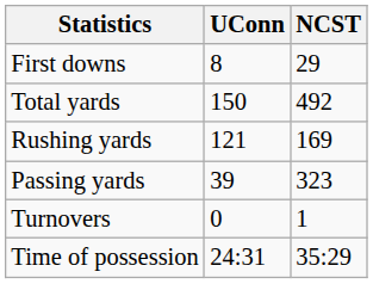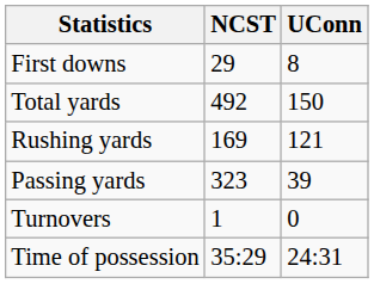 <table class="wikitable">
 <tr>
 <th>Statistics</th>
+<th>NCST</th>
 <th>UConn</th>
-<th>NCST</th>
 </tr>
 <tr>
 <td>First downs</td>
+<td>29</td>
 <td>8</td>
-<td>29</td>
 </tr>
 <tr>
 <td>Total yards</td>
+<td>492</td>
 <td>150</td>
-<td>492</td>
 </tr>
 <tr>
 <td>Rushing yards</td>
+<td>169</td>
 <td>121</td>
-<td>169</td>
 </tr>
 <tr>
 <td>Passing yards</td>
+<td>323</td>
 <td>39</td>
-<td>323</td>
 </tr>
 <tr>
 <td>Turnovers</td>
+<td>1</td>
 <td>0</td>
-<td>1</td>
 </tr>
 <tr>
 <td>Time of possession</td>
+<td>35:29</td>
 <td>24:31</td>
-<td>35:29</td>
 </tr>
 </table>
